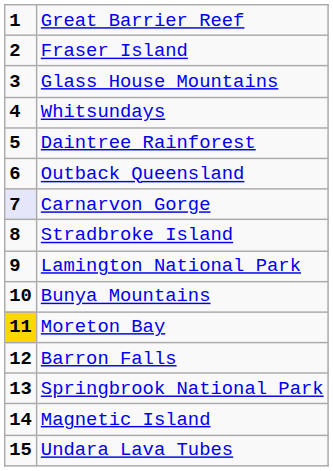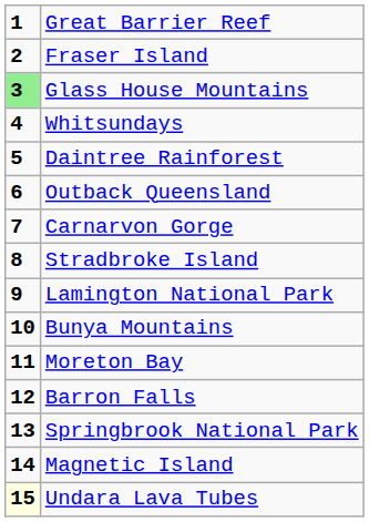 <table class="wikitable">
 <tr>
 <td><strong>1</strong></td>
 <td><a href='#'>Great Barrier Reef</a></td>
 </tr>
 <tr>
 <td><strong>2</strong></td>
 <td><a href='#'>Fraser Island</a></td>
 </tr>
 <tr>
-<td><strong>3</strong></td>
+<td style="background: lightgreen;"><strong>3</strong></td>
 <td><a href='#'>Glass House Mountains</a></td>
 </tr>
 <tr>
 <td><strong>4</strong></td>
 <td><a href='#'>Whitsundays</a></td>
 </tr>
 <tr>
 <td><strong>5</strong></td>
 <td><a href='#'>Daintree Rainforest</a></td>
 </tr>
 <tr>
 <td><strong>6</strong></td>
 <td><a href='#'>Outback Queensland</a></td>
 </tr>
 <tr>
-<td style="background: lavender;"><strong>7</strong></td>
+<td><strong>7</strong></td>
 <td><a href='#'>Carnarvon Gorge</a></td>
 </tr>
 <tr>
 <td><strong>8</strong></td>
 <td><a href='#'>Stradbroke Island</a></td>
 </tr>
 <tr>
 <td><strong>9</strong></td>
 <td><a href='#'>Lamington National Park</a></td>
 </tr>
 <tr>
 <td><strong>10</strong></td>
 <td><a href='#'>Bunya Mountains</a></td>
 </tr>
 <tr>
-<td style="background: gold;"><strong>11</strong></td>
+<td><strong>11</strong></td>
 <td><a href='#'>Moreton Bay</a></td>
 </tr>
 <tr>
 <td><strong>12</strong></td>
 <td><a href='#'>Barron Falls</a></td>
 </tr>
 <tr>
 <td><strong>13</strong></td>
 <td><a href='#'>Springbrook National Park</a></td>
 </tr>
 <tr>
 <td><strong>14</strong></td>
 <td><a href='#'>Magnetic Island</a></td>
 </tr>
 <tr>
-<td><strong>15</strong></td>
+<td style="background: lightyellow;"><strong>15</strong></td>
 <td><a href='#'>Undara Lava Tubes</a></td>
 </tr>
 </table>
